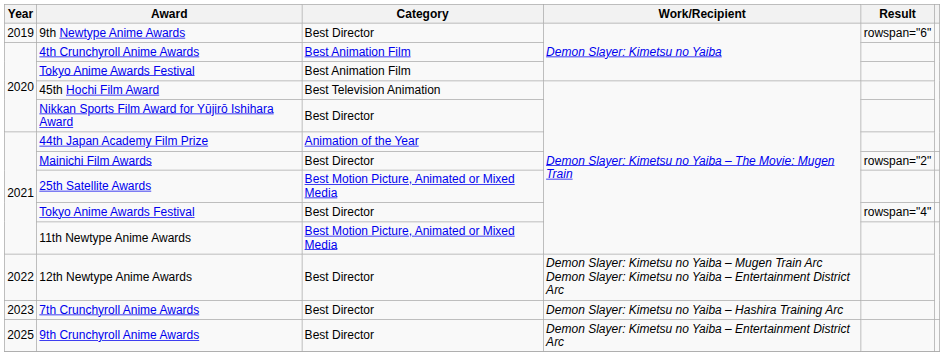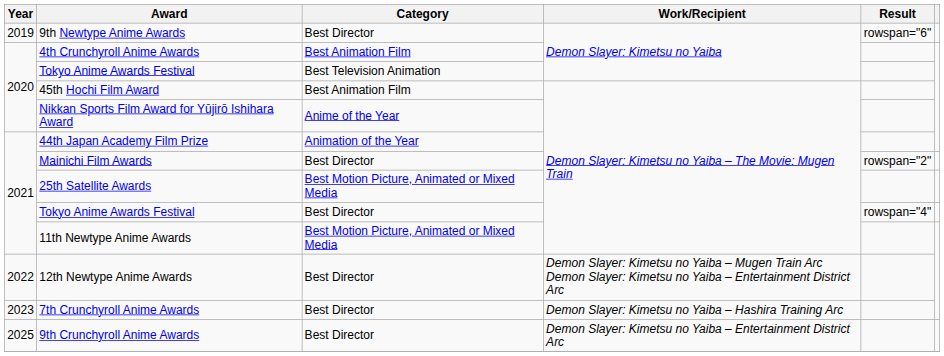 <table class="wikitable sortable plainrowheaders">
 <tr>
 <th scope="col">Year</th>
 <th scope="col">Award</th>
 <th scope="col">Category</th>
 <th scope="col">Work/Recipient</th>
 <th scope="col">Result</th>
 <th scope="col" class="unsortable"></th>
 </tr>
 <tr>
 <td>2019</td>
 <td>9th <a href='#'>Newtype Anime Awards</a></td>
 <td>Best Director</td>
 <td rowspan="3"><em><a href='#'>Demon Slayer: Kimetsu no Yaiba</a></em></td>
 <td>rowspan="6" </td>
 <td style="text-align:center;"></td>
 </tr>
 <tr>
 <td rowspan="4">2020</td>
 <td><a href='#'>4th Crunchyroll Anime Awards</a></td>
 <td><a href='#'>Best Animation Film</a></td>
 <td style="text-align:center;"></td>
 </tr>
 <tr>
 <td><a href='#'>Tokyo Anime Awards Festival</a></td>
-<td>Best Animation Film</td>
+<td>Best Television Animation</td>
 <td style="text-align:center;"></td>
 </tr>
 <tr>
 <td>45th <a href='#'>Hochi Film Award</a></td>
-<td>Best Television Animation</td>
+<td>Best Animation Film</td>
 <td rowspan="7"><em><a href='#'>Demon Slayer: Kimetsu no Yaiba – The Movie: Mugen Train</a></em></td>
 <td style="text-align:center;"></td>
 </tr>
 <tr>
 <td><a href='#'>Nikkan Sports Film Award for Yūjirō Ishihara Award</a></td>
-<td>Best Director</td>
+<td><a href='#'>Anime of the Year</a></td>
 <td style="text-align:center;"></td>
 </tr>
 <tr>
 <td rowspan="5">2021</td>
 <td><a href='#'>44th Japan Academy Film Prize</a></td>
 <td><a href='#'>Animation of the Year</a></td>
 <td style="text-align:center;"></td>
 </tr>
 <tr>
 <td><a href='#'>Mainichi Film Awards</a></td>
 <td>Best Director</td>
 <td>rowspan="2" </td>
 <td style="text-align:center;"></td>
 </tr>
 <tr>
 <td><a href='#'>25th Satellite Awards</a></td>
 <td><a href='#'>Best Motion Picture, Animated or Mixed Media</a></td>
 <td style="text-align:center;"></td>
 </tr>
 <tr>
 <td><a href='#'>Tokyo Anime Awards Festival</a></td>
 <td>Best Director</td>
 <td>rowspan="4" </td>
 <td style="text-align:center;"></td>
 </tr>
 <tr>
 <td>11th Newtype Anime Awards</td>
 <td><a href='#'>Best Motion Picture, Animated or Mixed Media</a></td>
 <td style="text-align:center;"></td>
 </tr>
 <tr>
 <td>2022</td>
 <td>12th Newtype Anime Awards</td>
 <td>Best Director</td>
 <td><em>Demon Slayer: Kimetsu no Yaiba – Mugen Train Arc</em><br><em>Demon Slayer: Kimetsu no Yaiba – Entertainment District Arc</em></td>
 <td style="text-align:center;"></td>
 </tr>
 <tr>
 <td>2023</td>
 <td><a href='#'>7th Crunchyroll Anime Awards</a></td>
 <td>Best Director</td>
 <td><em>Demon Slayer: Kimetsu no Yaiba – Hashira Training Arc</em></td>
 <td style="text-align:center;"></td>
 </tr>
 <tr>
 <td>2025</td>
 <td><a href='#'>9th Crunchyroll Anime Awards</a></td>
 <td>Best Director</td>
 <td><em>Demon Slayer: Kimetsu no Yaiba – Entertainment District Arc</em></td>
 <td></td>
 <td style="text-align:center;"></td>
 </tr>
 <tr>
 </tr>
 </table>
